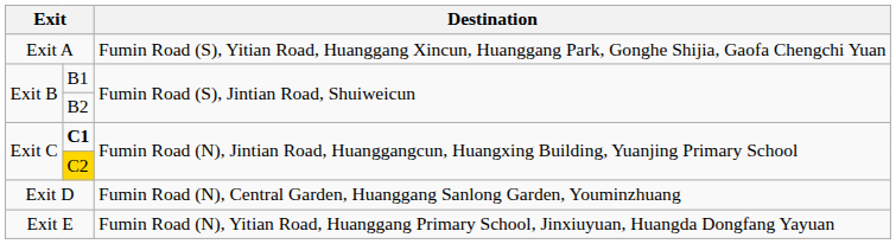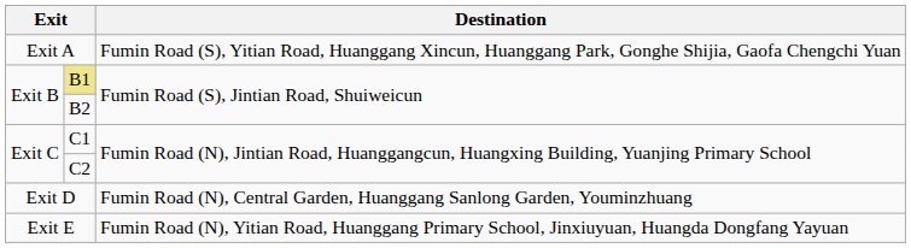 <table class="wikitable">
 <tr>
 <th style="width:70px" colspan="2">Exit</th>
 <th>Destination</th>
 </tr>
 <tr>
 <td colspan="2" align="center">Exit A</td>
 <td>Fumin Road (S), Yitian Road, Huanggang Xincun, Huanggang Park, Gonghe Shijia, Gaofa Chengchi Yuan</td>
 </tr>
 <tr>
 <td rowspan="2" align="center">Exit B</td>
-<td>B1</td>
+<td style="background: khaki;">B1</td>
 <td rowspan="2">Fumin Road (S), Jintian Road, Shuiweicun</td>
 </tr>
 <tr>
 <td>B2</td>
 </tr>
 <tr>
 <td rowspan="2" align="center">Exit C</td>
-<td><strong>C1</strong></td>
+<td>C1</td>
 <td rowspan="2">Fumin Road (N), Jintian Road, Huanggangcun, Huangxing Building, Yuanjing Primary School</td>
 </tr>
 <tr>
-<td style="background: gold;">C2</td>
+<td>C2</td>
 </tr>
 <tr>
 <td colspan="2" align="center">Exit D</td>
 <td>Fumin Road (N), Central Garden, Huanggang Sanlong Garden, Youminzhuang</td>
 </tr>
 <tr>
 <td colspan="2" align="center">Exit E</td>
 <td>Fumin Road (N), Yitian Road, Huanggang Primary School, Jinxiuyuan, Huangda Dongfang Yayuan</td>
 </tr>
 </table>
